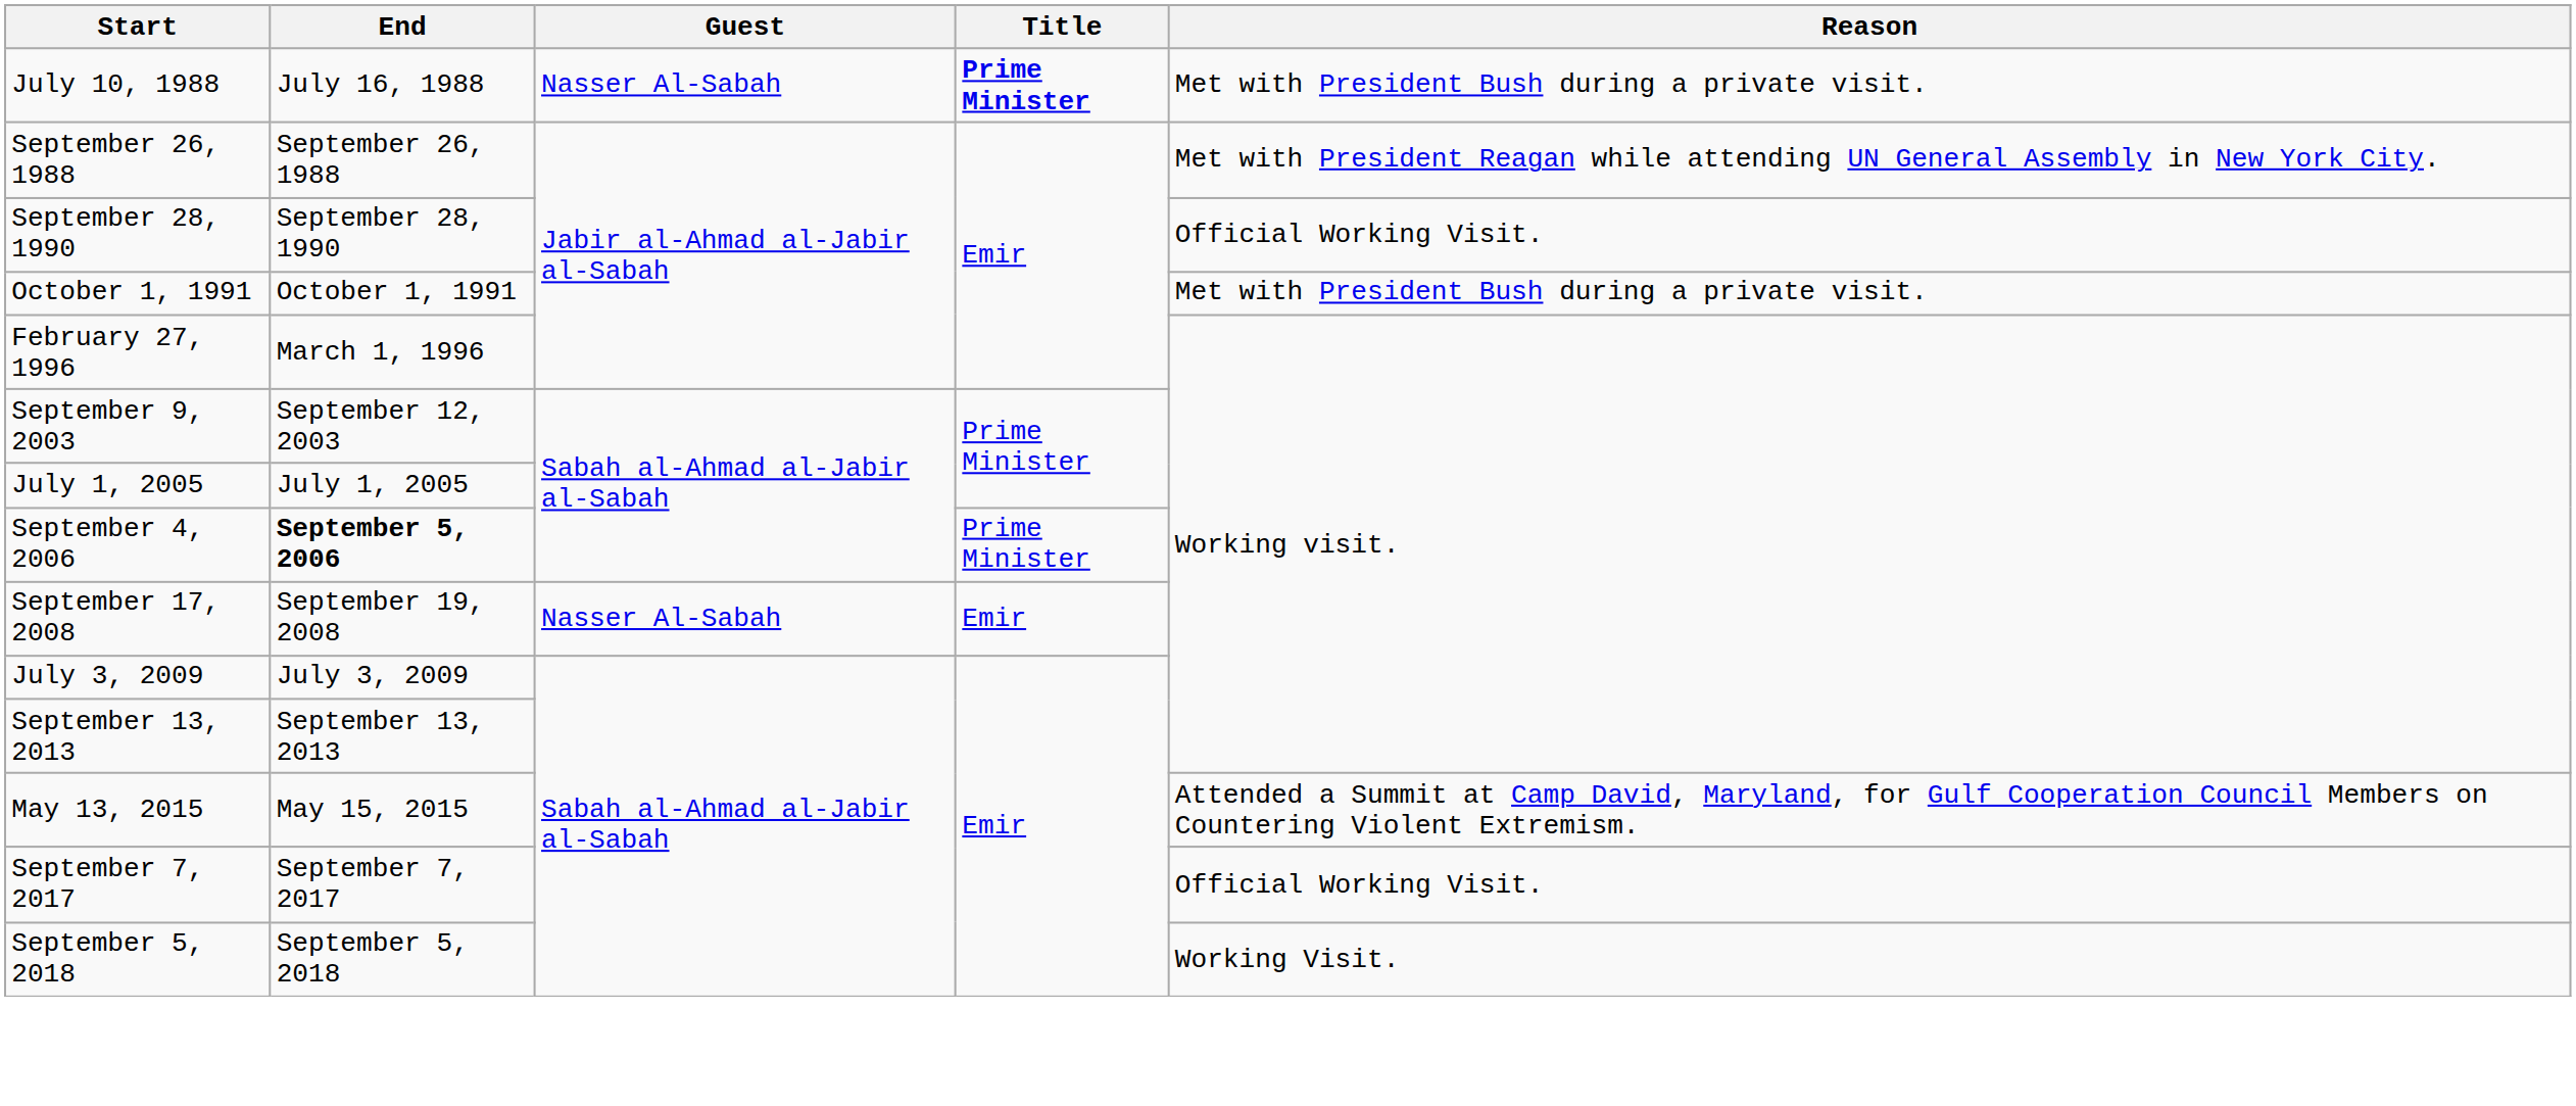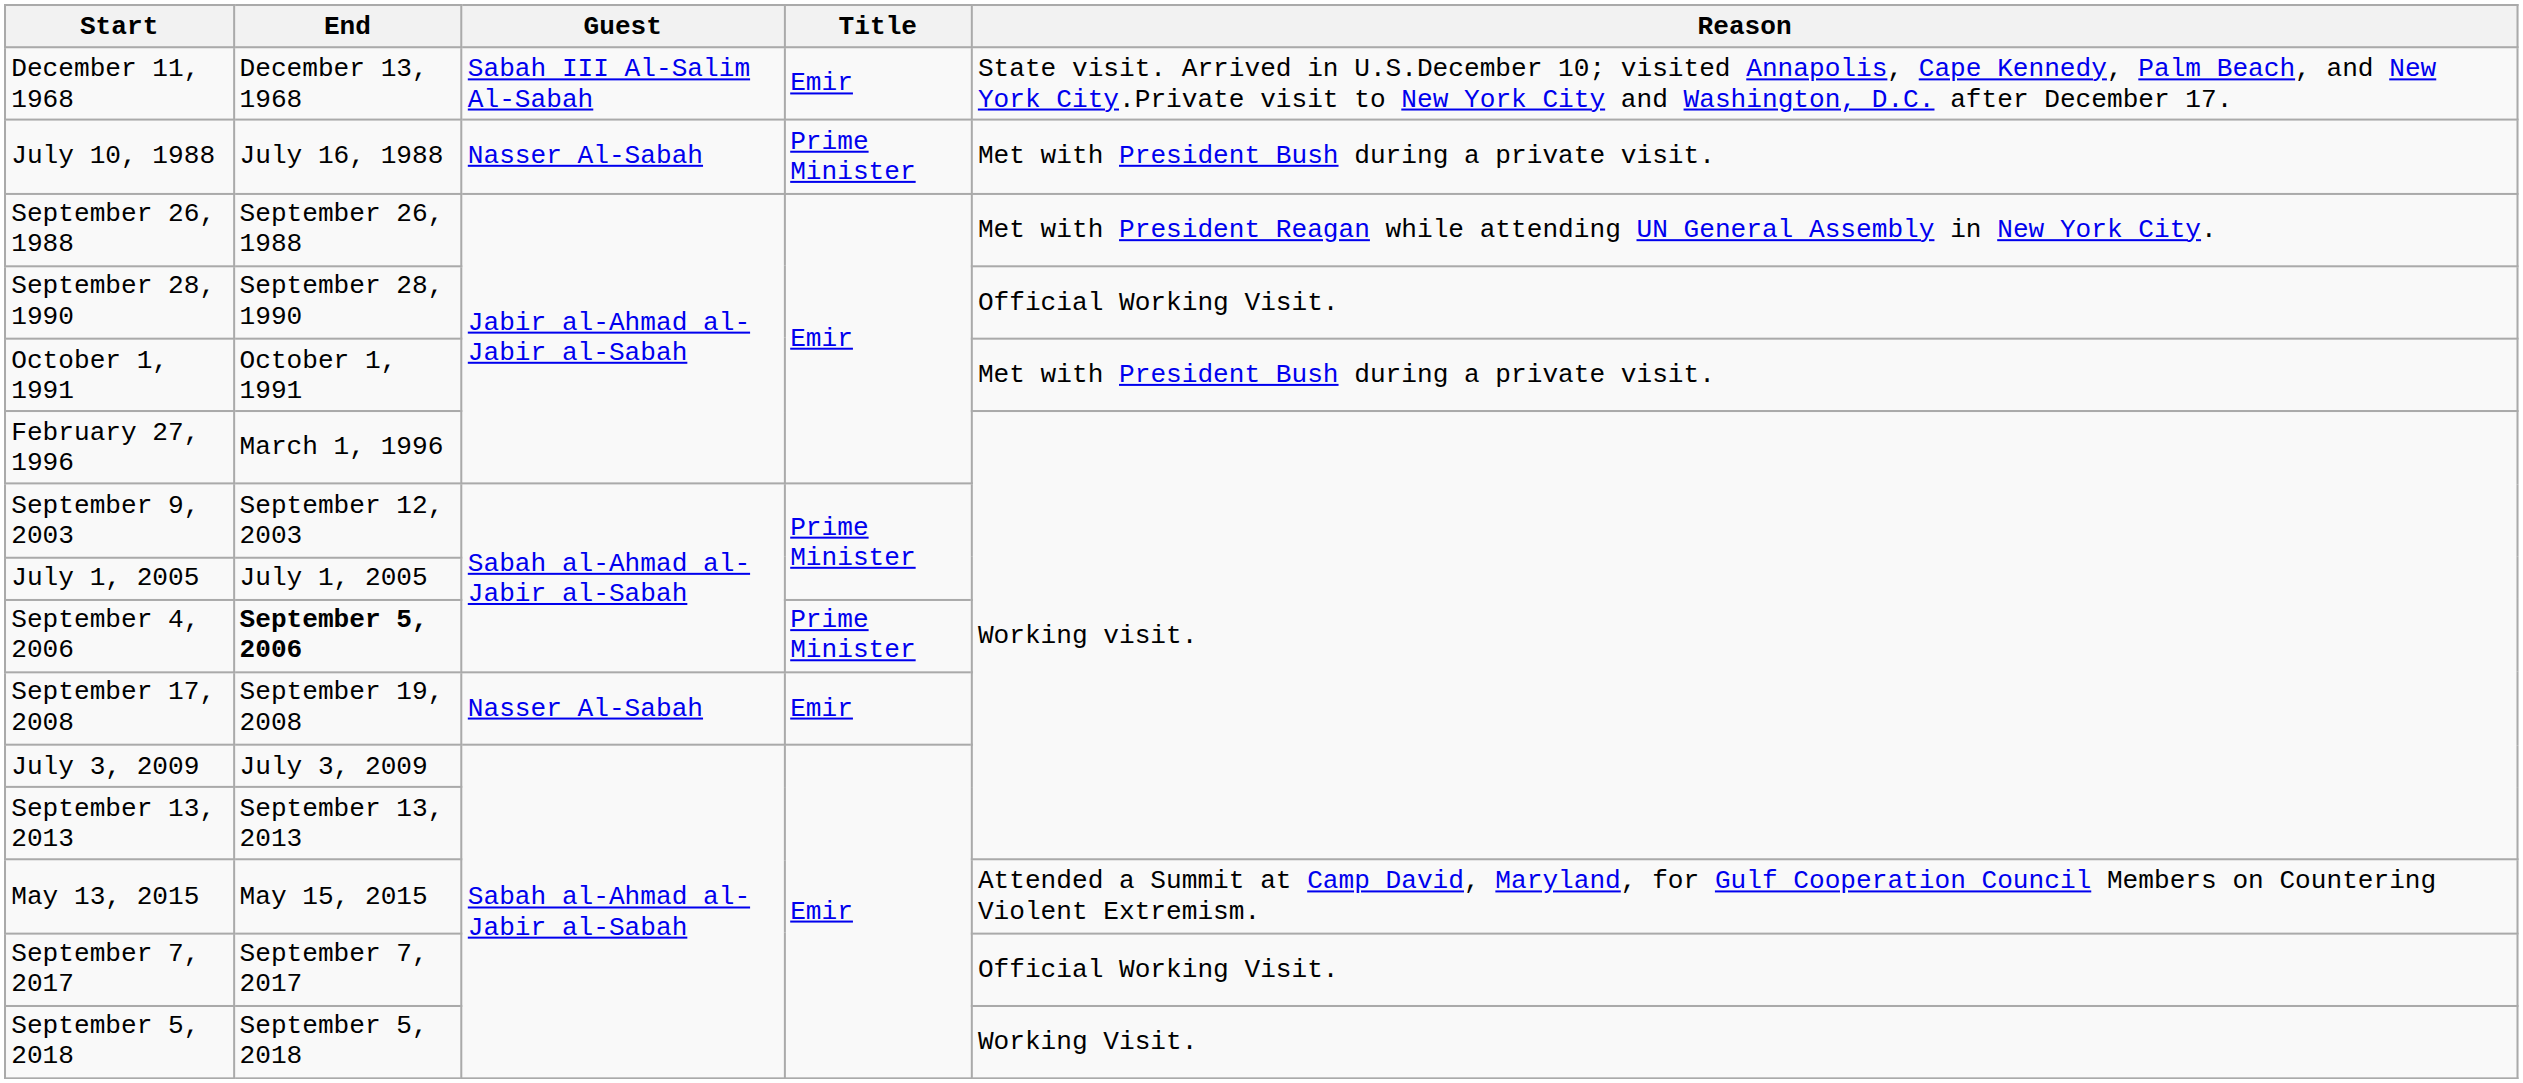 <table class="wikitable sortable">
 <tr>
 <th>Start</th>
 <th>End</th>
 <th>Guest</th>
 <th>Title</th>
 <th>Reason</th>
 </tr>
 <tr>
+<td>December 11, 1968</td>
+<td>December 13, 1968</td>
+<td><a href='#'>Sabah III Al-Salim Al-Sabah</a></td>
+<td><a href='#'>Emir</a></td>
+<td>State visit. Arrived in U.S.December 10; visited <a href='#'>Annapolis</a>, <a href='#'>Cape Kennedy</a>, <a href='#'>Palm Beach</a>, and <a href='#'>New York City</a>.Private visit to <a href='#'>New York City</a> and <a href='#'>Washington, D.C.</a> after December 17.</td>
+</tr>
+<tr>
 <td>July 10, 1988</td>
 <td>July 16, 1988</td>
 <td><a href='#'>Nasser Al-Sabah</a></td>
-<td><strong><a href='#'>Prime Minister</a></strong></td>
+<td><a href='#'>Prime Minister</a></td>
 <td>Met with <a href='#'>President Bush</a> during a private visit.</td>
 </tr>
 <tr>
 <td>September 26, 1988</td>
 <td>September 26, 1988</td>
 <td rowspan=4><a href='#'>Jabir al-Ahmad al-Jabir al-Sabah</a></td>
 <td rowspan=4><a href='#'>Emir</a></td>
 <td>Met with <a href='#'>President Reagan</a> while attending <a href='#'>UN General Assembly</a> in <a href='#'>New York City</a>.</td>
 </tr>
 <tr>
 <td>September 28, 1990</td>
 <td>September 28, 1990</td>
 <td>Official Working Visit.</td>
 </tr>
 <tr>
 <td>October 1, 1991</td>
 <td>October 1, 1991</td>
 <td>Met with <a href='#'>President Bush</a> during a private visit.</td>
 </tr>
 <tr>
 <td>February 27, 1996</td>
 <td>March 1, 1996</td>
 <td rowspan=7>Working visit.</td>
 </tr>
 <tr>
 <td>September 9, 2003</td>
 <td>September 12, 2003</td>
 <td rowspan=3><a href='#'>Sabah al-Ahmad al-Jabir al-Sabah</a></td>
 <td rowspan=2><a href='#'>Prime Minister</a></td>
 </tr>
 <tr>
 <td>July 1, 2005</td>
 <td>July 1, 2005</td>
 </tr>
 <tr>
 <td>September 4, 2006</td>
 <td><strong>September 5, 2006</strong></td>
 <td><a href='#'>Prime Minister</a></td>
 </tr>
 <tr>
 <td>September 17, 2008</td>
 <td>September 19, 2008</td>
 <td><a href='#'>Nasser Al-Sabah</a></td>
 <td><a href='#'>Emir</a></td>
 </tr>
 <tr>
 <td>July 3, 2009</td>
 <td>July 3, 2009</td>
 <td rowspan=5><a href='#'>Sabah al-Ahmad al-Jabir al-Sabah</a></td>
 <td rowspan=5><a href='#'>Emir</a></td>
 </tr>
 <tr>
 <td>September 13, 2013</td>
 <td>September 13, 2013</td>
 </tr>
 <tr>
 <td>May 13, 2015</td>
 <td>May 15, 2015</td>
 <td>Attended a Summit at <a href='#'>Camp David</a>, <a href='#'>Maryland</a>, for <a href='#'>Gulf Cooperation Council</a> Members on Countering Violent Extremism.</td>
 </tr>
 <tr>
 <td>September 7, 2017</td>
 <td>September 7, 2017</td>
 <td>Official Working Visit.</td>
 </tr>
 <tr>
 <td>September 5, 2018</td>
 <td>September 5, 2018</td>
 <td>Working Visit.</td>
 </tr>
 </table>
